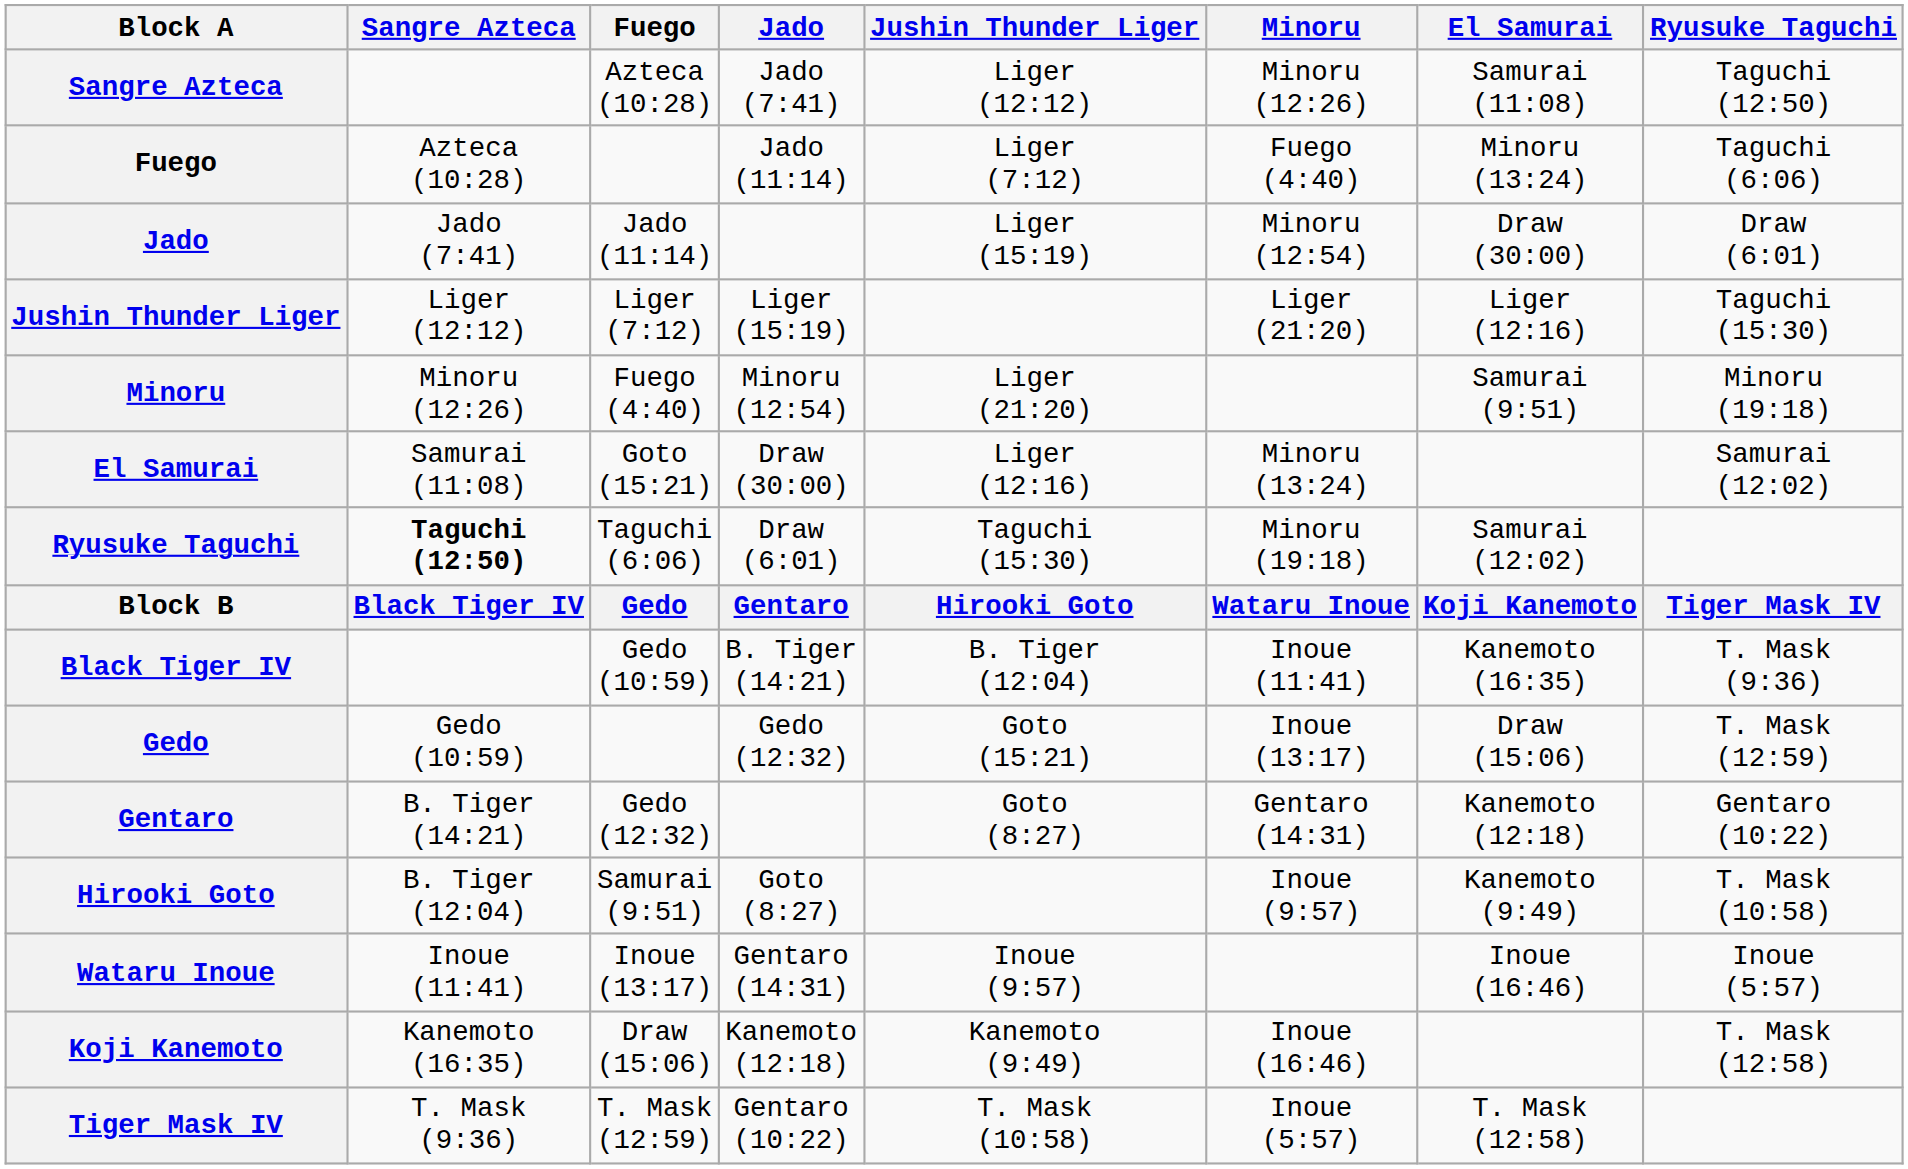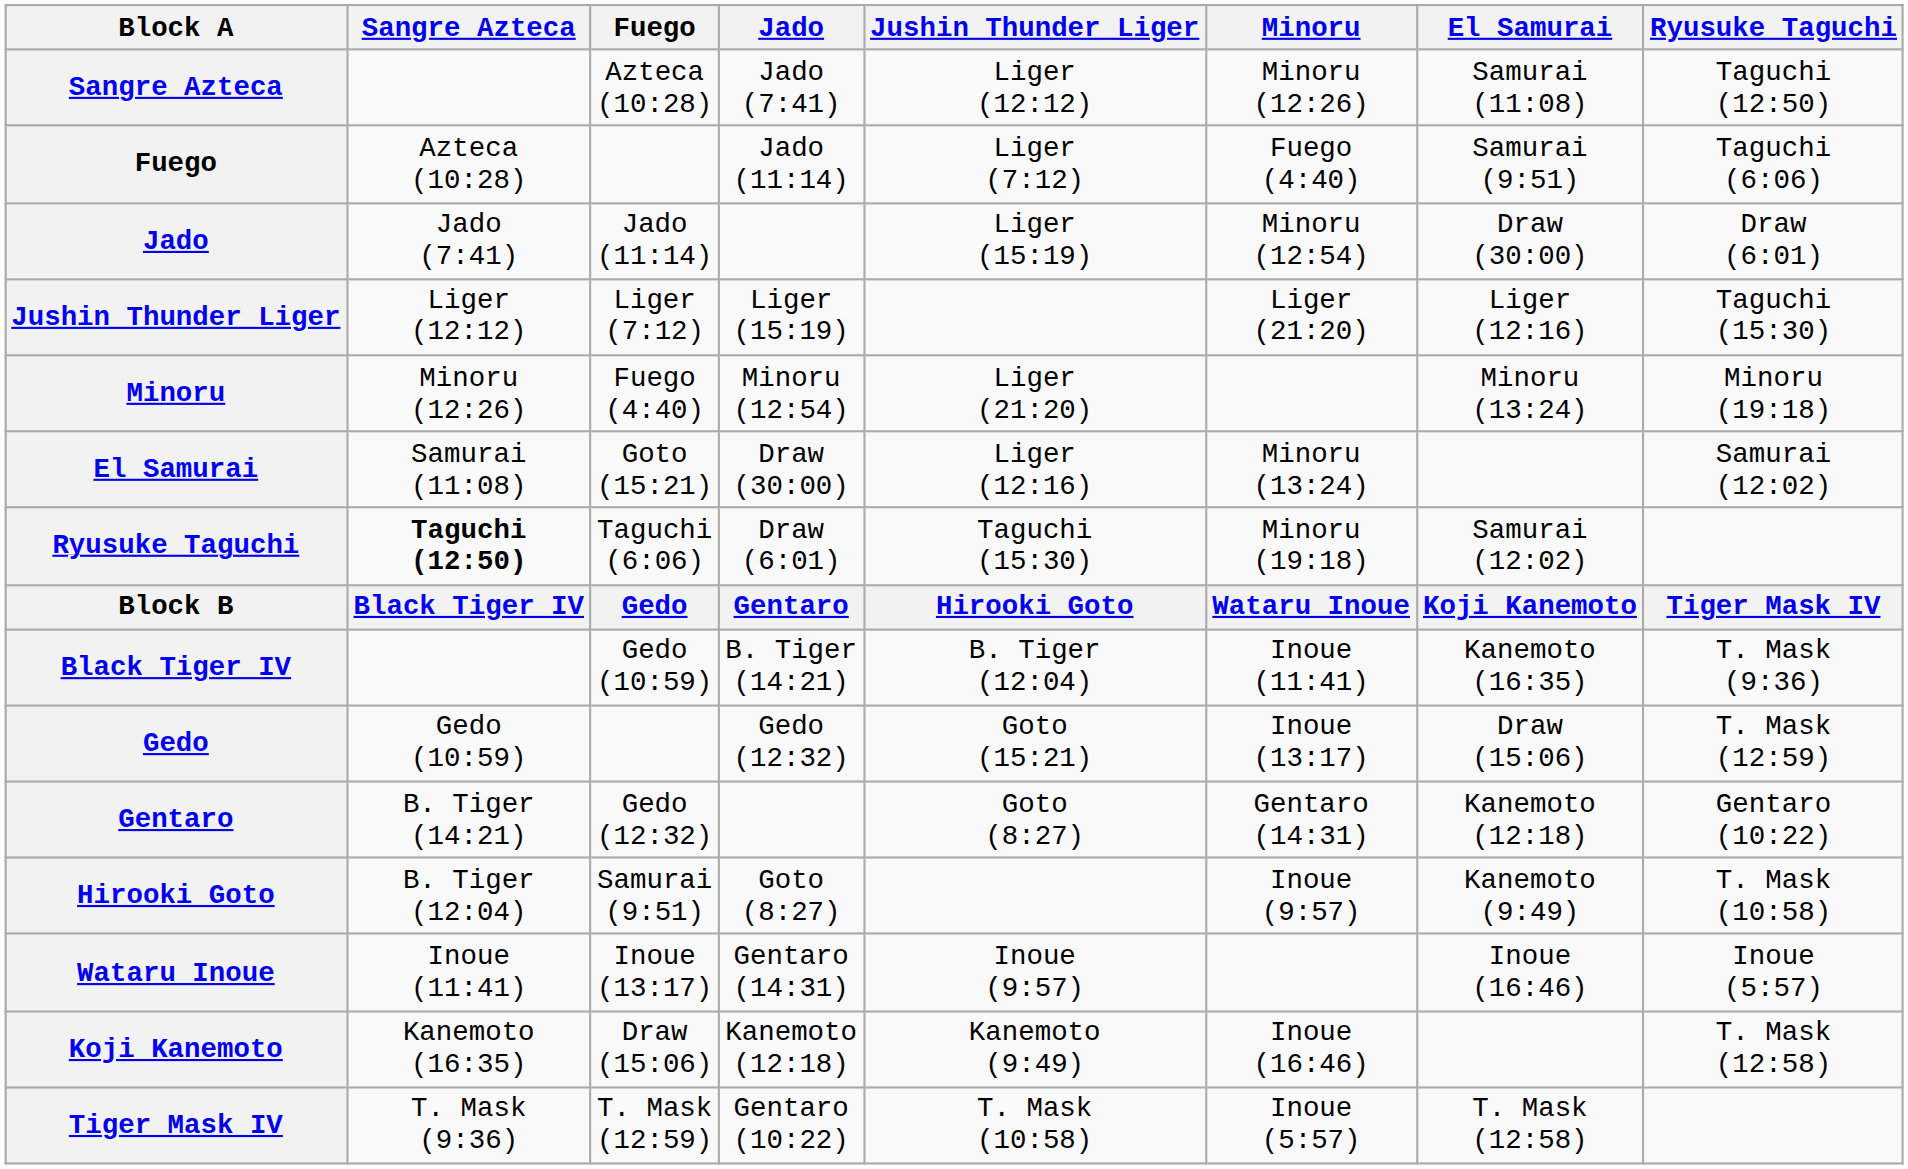 <table class="wikitable" style="margin: 1em auto 1em auto">
 <tr align="center">
 <th>Block A</th>
 <th><a href='#'>Sangre Azteca</a></th>
 <th>Fuego</th>
 <th><a href='#'>Jado</a></th>
 <th><a href='#'>Jushin Thunder Liger</a></th>
 <th><a href='#'>Minoru</a></th>
 <th><a href='#'>El Samurai</a></th>
 <th><a href='#'>Ryusuke Taguchi</a></th>
 </tr>
 <tr align="center">
 <th><a href='#'>Sangre Azteca</a></th>
 <td></td>
 <td>Azteca<br>(10:28)</td>
 <td>Jado<br>(7:41)</td>
 <td>Liger<br>(12:12)</td>
 <td>Minoru<br>(12:26)</td>
 <td>Samurai<br>(11:08)</td>
 <td>Taguchi<br>(12:50)</td>
 </tr>
 <tr align="center">
 <th>Fuego</th>
 <td>Azteca<br>(10:28)</td>
 <td></td>
 <td>Jado<br>(11:14)</td>
 <td>Liger<br>(7:12)</td>
 <td>Fuego<br>(4:40)</td>
-<td>Minoru<br>(13:24)</td>
+<td>Samurai<br>(9:51)</td>
 <td>Taguchi<br>(6:06)</td>
 </tr>
 <tr align="center">
 <th><a href='#'>Jado</a></th>
 <td>Jado<br>(7:41)</td>
 <td>Jado<br>(11:14)</td>
 <td></td>
 <td>Liger<br>(15:19)</td>
 <td>Minoru<br>(12:54)</td>
 <td>Draw<br>(30:00)</td>
 <td>Draw<br>(6:01)</td>
 </tr>
 <tr align="center">
 <th><a href='#'>Jushin Thunder Liger</a></th>
 <td>Liger<br>(12:12)</td>
 <td>Liger<br>(7:12)</td>
 <td>Liger<br>(15:19)</td>
 <td></td>
 <td>Liger<br>(21:20)</td>
 <td>Liger<br>(12:16)</td>
 <td>Taguchi<br>(15:30)</td>
 </tr>
 <tr align="center">
 <th><a href='#'>Minoru</a></th>
 <td>Minoru<br>(12:26)</td>
 <td>Fuego<br>(4:40)</td>
 <td>Minoru<br>(12:54)</td>
 <td>Liger<br>(21:20)</td>
 <td></td>
-<td>Samurai<br>(9:51)</td>
+<td>Minoru<br>(13:24)</td>
 <td>Minoru<br>(19:18)</td>
 </tr>
 <tr align="center">
 <th><a href='#'>El Samurai</a></th>
 <td>Samurai<br>(11:08)</td>
 <td>Goto<br>(15:21)</td>
 <td>Draw<br>(30:00)</td>
 <td>Liger<br>(12:16)</td>
 <td>Minoru<br>(13:24)</td>
 <td></td>
 <td>Samurai<br>(12:02)</td>
 </tr>
 <tr align="center">
 <th><a href='#'>Ryusuke Taguchi</a></th>
 <td><strong>Taguchi<br>(12:50)</strong></td>
 <td>Taguchi<br>(6:06)</td>
 <td>Draw<br>(6:01)</td>
 <td>Taguchi<br>(15:30)</td>
 <td>Minoru<br>(19:18)</td>
 <td>Samurai<br>(12:02)</td>
 <td></td>
 </tr>
 <tr align="center">
 <th>Block B</th>
 <th><a href='#'>Black Tiger IV</a></th>
 <th><a href='#'>Gedo</a></th>
 <th><a href='#'>Gentaro</a></th>
 <th><a href='#'>Hirooki Goto</a></th>
 <th><a href='#'>Wataru Inoue</a></th>
 <th><a href='#'>Koji Kanemoto</a></th>
 <th><a href='#'>Tiger Mask IV</a></th>
 </tr>
 <tr align="center">
 <th><a href='#'>Black Tiger IV</a></th>
 <td></td>
 <td>Gedo<br>(10:59)</td>
 <td>B. Tiger<br>(14:21)</td>
 <td>B. Tiger<br>(12:04)</td>
 <td>Inoue<br>(11:41)</td>
 <td>Kanemoto<br>(16:35)</td>
 <td>T. Mask<br>(9:36)</td>
 </tr>
 <tr align="center">
 <th><a href='#'>Gedo</a></th>
 <td>Gedo<br>(10:59)</td>
 <td></td>
 <td>Gedo<br>(12:32)</td>
 <td>Goto<br>(15:21)</td>
 <td>Inoue<br>(13:17)</td>
 <td>Draw<br>(15:06)</td>
 <td>T. Mask<br>(12:59)</td>
 </tr>
 <tr align="center">
 <th><a href='#'>Gentaro</a></th>
 <td>B. Tiger<br>(14:21)</td>
 <td>Gedo<br>(12:32)</td>
 <td></td>
 <td>Goto<br>(8:27)</td>
 <td>Gentaro<br>(14:31)</td>
 <td>Kanemoto<br>(12:18)</td>
 <td>Gentaro<br>(10:22)</td>
 </tr>
 <tr align="center">
 <th><a href='#'>Hirooki Goto</a></th>
 <td>B. Tiger<br>(12:04)</td>
 <td>Samurai<br>(9:51)</td>
 <td>Goto<br>(8:27)</td>
 <td></td>
 <td>Inoue<br>(9:57)</td>
 <td>Kanemoto<br>(9:49)</td>
 <td>T. Mask<br>(10:58)</td>
 </tr>
 <tr align="center">
 <th><a href='#'>Wataru Inoue</a></th>
 <td>Inoue<br>(11:41)</td>
 <td>Inoue<br>(13:17)</td>
 <td>Gentaro<br>(14:31)</td>
 <td>Inoue<br>(9:57)</td>
 <td></td>
 <td>Inoue<br>(16:46)</td>
 <td>Inoue<br>(5:57)</td>
 </tr>
 <tr align="center">
 <th><a href='#'>Koji Kanemoto</a></th>
 <td>Kanemoto<br>(16:35)</td>
 <td>Draw<br>(15:06)</td>
 <td>Kanemoto<br>(12:18)</td>
 <td>Kanemoto<br>(9:49)</td>
 <td>Inoue<br>(16:46)</td>
 <td></td>
 <td>T. Mask<br>(12:58)</td>
 </tr>
 <tr align="center">
 <th><a href='#'>Tiger Mask IV</a></th>
 <td>T. Mask<br>(9:36)</td>
 <td>T. Mask<br>(12:59)</td>
 <td>Gentaro<br>(10:22)</td>
 <td>T. Mask<br>(10:58)</td>
 <td>Inoue<br>(5:57)</td>
 <td>T. Mask<br>(12:58)</td>
 <td></td>
 </tr>
 </table>
